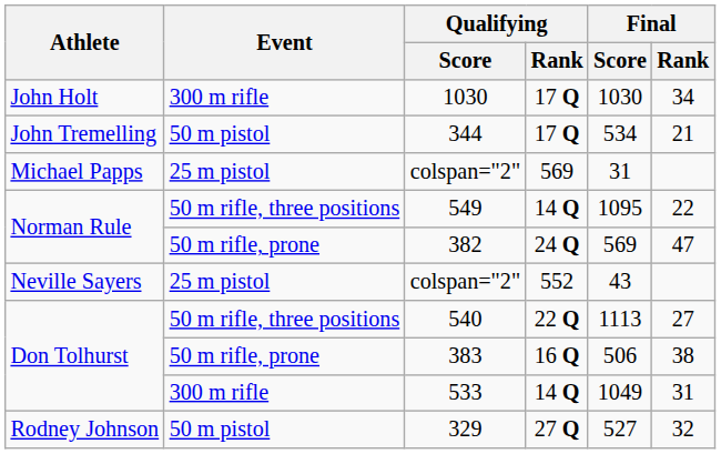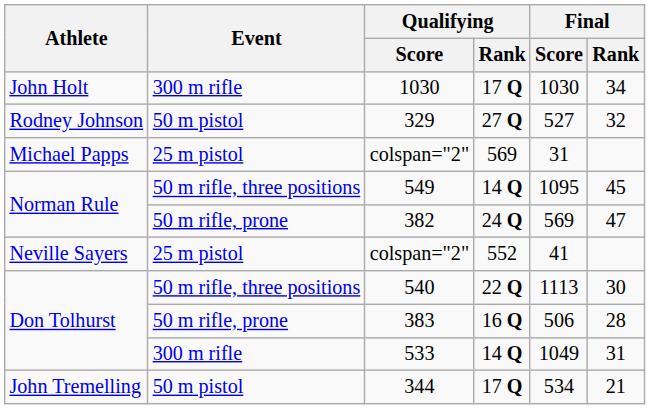 <table class="wikitable" style="font-size:90%">
 <tr>
 <th rowspan="2">Athlete</th>
 <th rowspan="2">Event</th>
 <th colspan="2">Qualifying</th>
 <th colspan="2">Final</th>
 </tr>
 <tr>
 <th>Score</th>
 <th>Rank</th>
 <th>Score</th>
 <th>Rank</th>
 </tr>
 <tr>
 <td><a href='#'>John Holt</a></td>
 <td rowspan=1><a href='#'>300 m rifle</a></td>
 <td align="center">1030</td>
 <td align="center">17 <strong>Q</strong></td>
 <td align="center">1030</td>
 <td align="center">34</td>
 </tr>
 <tr>
-<td><a href='#'>John Tremelling</a></td>
+<td><a href='#'>Rodney Johnson</a></td>
 <td rowspan=1><a href='#'>50 m pistol</a></td>
-<td align="center">344</td>
-<td align="center">17 <strong>Q</strong></td>
-<td align="center">534</td>
-<td align="center">21</td>
+<td align="center">329</td>
+<td align="center">27 <strong>Q</strong></td>
+<td align="center">527</td>
+<td align="center">32</td>
 </tr>
 <tr>
 <td><a href='#'>Michael Papps</a></td>
 <td rowspan=1><a href='#'>25 m pistol</a></td>
 <td>colspan="2"  </td>
 <td align="center">569</td>
 <td align="center">31</td>
 </tr>
 <tr>
 <td rowspan=2><a href='#'>Norman Rule</a></td>
 <td><a href='#'>50 m rifle, three positions</a></td>
 <td align="center">549</td>
 <td align="center">14 <strong>Q</strong></td>
 <td align="center">1095</td>
-<td align="center">22</td>
+<td align="center">45</td>
 </tr>
 <tr>
 <td><a href='#'>50 m rifle, prone</a></td>
 <td align="center">382</td>
 <td align="center">24 <strong>Q</strong></td>
 <td align="center">569</td>
 <td align="center">47</td>
 </tr>
 <tr>
 <td><a href='#'>Neville Sayers</a></td>
 <td rowspan=1><a href='#'>25 m pistol</a></td>
 <td>colspan="2"  </td>
 <td align="center">552</td>
-<td align="center">43</td>
+<td align="center">41</td>
 </tr>
 <tr>
 <td rowspan=3><a href='#'>Don Tolhurst</a></td>
 <td><a href='#'>50 m rifle, three positions</a></td>
 <td align="center">540</td>
 <td align="center">22 <strong>Q</strong></td>
 <td align="center">1113</td>
-<td align="center">27</td>
+<td align="center">30</td>
 </tr>
 <tr>
 <td><a href='#'>50 m rifle, prone</a></td>
 <td align="center">383</td>
 <td align="center">16 <strong>Q</strong></td>
 <td align="center">506</td>
-<td align="center">38</td>
+<td align="center">28</td>
 </tr>
 <tr>
 <td rowspan=1><a href='#'>300 m rifle</a></td>
 <td align="center">533</td>
 <td align="center">14 <strong>Q</strong></td>
 <td align="center">1049</td>
 <td align="center">31</td>
 </tr>
 <tr>
-<td><a href='#'>Rodney Johnson</a></td>
+<td><a href='#'>John Tremelling</a></td>
 <td rowspan=1><a href='#'>50 m pistol</a></td>
-<td align="center">329</td>
-<td align="center">27 <strong>Q</strong></td>
-<td align="center">527</td>
-<td align="center">32</td>
+<td align="center">344</td>
+<td align="center">17 <strong>Q</strong></td>
+<td align="center">534</td>
+<td align="center">21</td>
 </tr>
 </table>
